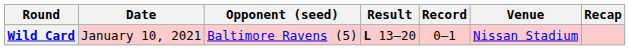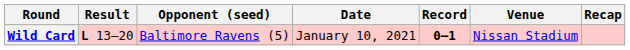 <table class="wikitable" style="text-align:center">
 <tr>
 <th>Round</th>
+<th>Result</th>
+<th>Opponent (seed)</th>
 <th>Date</th>
-<th>Opponent (seed)</th>
-<th>Result</th>
 <th>Record</th>
 <th>Venue</th>
 <th>Recap</th>
 </tr>
 <tr style="background:#fcc">
 <th><a href='#'>Wild Card</a></th>
+<td><strong>L</strong> 13–20</td>
+<td><a href='#'>Baltimore Ravens</a> (5)</td>
 <td>January 10, 2021</td>
-<td><a href='#'>Baltimore Ravens</a> (5)</td>
-<td><strong>L</strong> 13–20</td>
-<td>0–1</td>
+<td><strong>0–1</strong></td>
 <td><a href='#'>Nissan Stadium</a></td>
 <td></td>
 </tr>
 </table>
